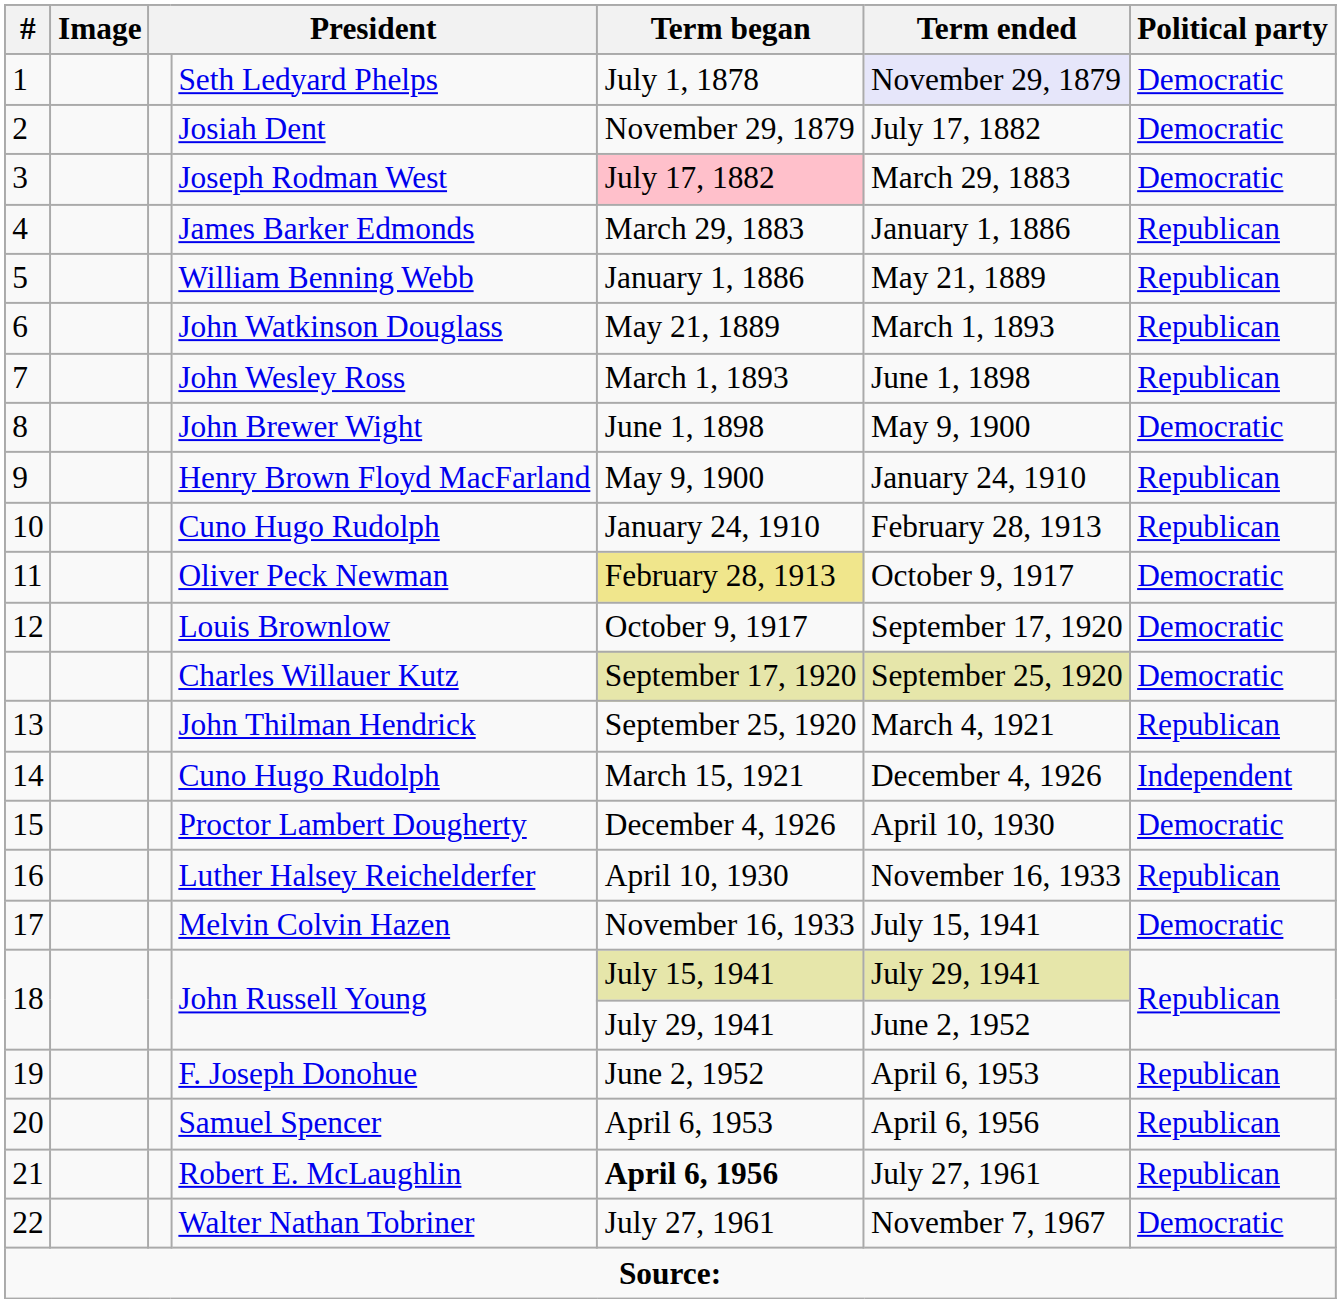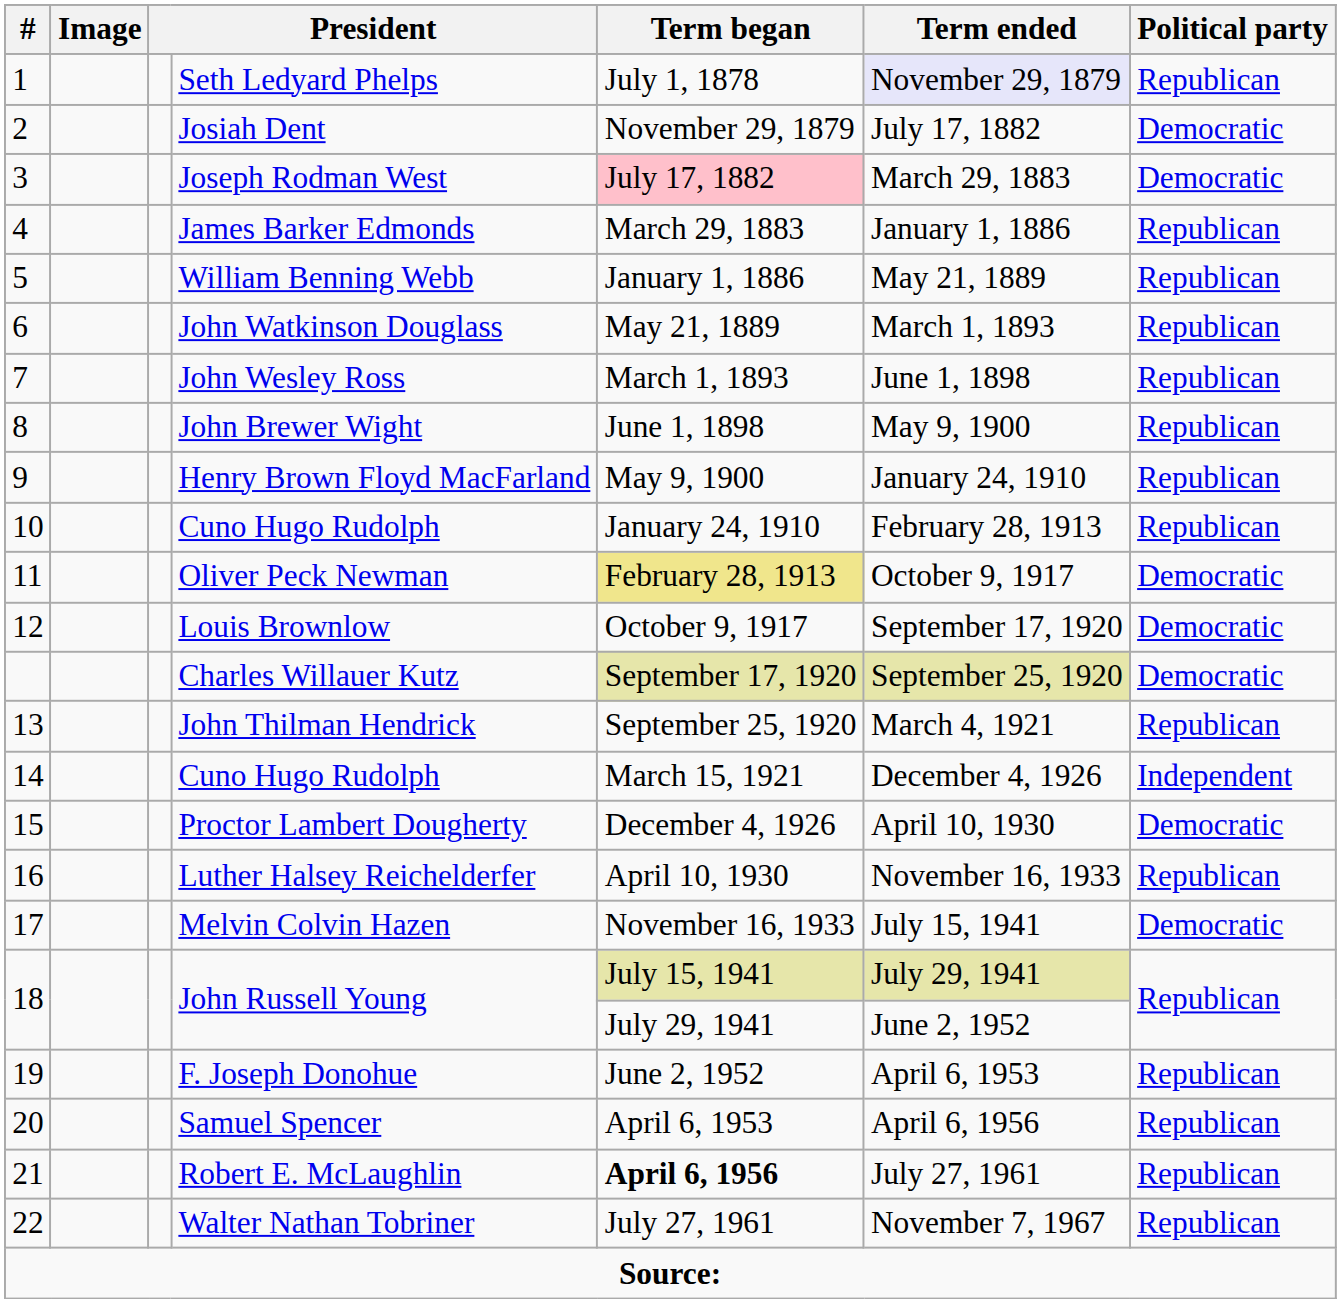 <table class="wikitable">
 <tr>
 <th>#</th>
 <th>Image</th>
 <th colspan="2">President</th>
 <th>Term began</th>
 <th>Term ended</th>
 <th>Political party</th>
 </tr>
 <tr>
 <td>1</td>
 <td></td>
 <td style="background: "> </td>
 <td><a href='#'>Seth Ledyard Phelps</a></td>
 <td>July 1, 1878</td>
 <td style="background: lavender;">November 29, 1879</td>
-<td><a href='#'>Democratic</a></td>
+<td><a href='#'>Republican</a></td>
 </tr>
 <tr>
 <td>2</td>
 <td></td>
 <td style="background: "> </td>
 <td><a href='#'>Josiah Dent</a></td>
 <td>November 29, 1879</td>
 <td>July 17, 1882</td>
 <td><a href='#'>Democratic</a></td>
 </tr>
 <tr>
 <td>3</td>
 <td></td>
 <td style="background: "> </td>
 <td><a href='#'>Joseph Rodman West</a></td>
 <td style="background: pink;">July 17, 1882</td>
 <td>March 29, 1883</td>
 <td><a href='#'>Democratic</a></td>
 </tr>
 <tr>
 <td>4</td>
 <td></td>
 <td style="background: "> </td>
 <td><a href='#'>James Barker Edmonds</a></td>
 <td>March 29, 1883</td>
 <td>January 1, 1886</td>
 <td><a href='#'>Republican</a></td>
 </tr>
 <tr>
 <td>5</td>
 <td></td>
 <td style="background: "> </td>
 <td><a href='#'>William Benning Webb</a></td>
 <td>January 1, 1886</td>
 <td>May 21, 1889</td>
 <td><a href='#'>Republican</a></td>
 </tr>
 <tr>
 <td>6</td>
 <td></td>
 <td style="background: "> </td>
 <td><a href='#'>John Watkinson Douglass</a></td>
 <td>May 21, 1889</td>
 <td>March 1, 1893</td>
 <td><a href='#'>Republican</a></td>
 </tr>
 <tr>
 <td>7</td>
 <td></td>
 <td style="background: "> </td>
 <td><a href='#'>John Wesley Ross</a></td>
 <td>March 1, 1893</td>
 <td>June 1, 1898</td>
 <td><a href='#'>Republican</a></td>
 </tr>
 <tr>
 <td>8</td>
 <td></td>
 <td style="background: "> </td>
 <td><a href='#'>John Brewer Wight</a></td>
 <td>June 1, 1898</td>
 <td>May 9, 1900</td>
-<td><a href='#'>Democratic</a></td>
+<td><a href='#'>Republican</a></td>
 </tr>
 <tr>
 <td>9</td>
 <td></td>
 <td style="background: "> </td>
 <td><a href='#'>Henry Brown Floyd MacFarland</a></td>
 <td>May 9, 1900</td>
 <td>January 24, 1910</td>
 <td><a href='#'>Republican</a></td>
 </tr>
 <tr>
 <td>10</td>
 <td></td>
 <td style="background: "> </td>
 <td><a href='#'>Cuno Hugo Rudolph</a></td>
 <td>January 24, 1910</td>
 <td>February 28, 1913</td>
 <td><a href='#'>Republican</a></td>
 </tr>
 <tr>
 <td>11</td>
 <td></td>
 <td style="background: "> </td>
 <td><a href='#'>Oliver Peck Newman</a></td>
 <td style="background: khaki;">February 28, 1913</td>
 <td>October 9, 1917</td>
 <td><a href='#'>Democratic</a></td>
 </tr>
 <tr>
 <td>12</td>
 <td></td>
 <td style="background: "> </td>
 <td><a href='#'>Louis Brownlow</a></td>
 <td>October 9, 1917</td>
 <td>September 17, 1920</td>
 <td><a href='#'>Democratic</a></td>
 </tr>
 <tr>
 <td></td>
 <td></td>
 <td style="background: "> </td>
 <td><a href='#'>Charles Willauer Kutz</a></td>
 <td style="background: #E6E6AA;">September 17, 1920</td>
 <td style="background: #E6E6AA;">September 25, 1920</td>
 <td><a href='#'>Democratic</a></td>
 </tr>
 <tr>
 <td>13</td>
 <td></td>
 <td style="background: "> </td>
 <td><a href='#'>John Thilman Hendrick</a></td>
 <td>September 25, 1920</td>
 <td>March 4, 1921</td>
 <td><a href='#'>Republican</a></td>
 </tr>
 <tr>
 <td>14</td>
 <td></td>
 <td style="background: "> </td>
 <td><a href='#'>Cuno Hugo Rudolph</a></td>
 <td>March 15, 1921</td>
 <td>December 4, 1926</td>
 <td><a href='#'>Independent</a></td>
 </tr>
 <tr>
 <td>15</td>
 <td></td>
 <td style="background: "> </td>
 <td><a href='#'>Proctor Lambert Dougherty</a></td>
 <td>December 4, 1926</td>
 <td>April 10, 1930</td>
 <td><a href='#'>Democratic</a></td>
 </tr>
 <tr>
 <td>16</td>
 <td></td>
 <td style="background: "> </td>
 <td><a href='#'>Luther Halsey Reichelderfer</a></td>
 <td>April 10, 1930</td>
 <td>November 16, 1933</td>
 <td><a href='#'>Republican</a></td>
 </tr>
 <tr>
 <td>17</td>
 <td></td>
 <td style="background: "> </td>
 <td><a href='#'>Melvin Colvin Hazen</a></td>
 <td>November 16, 1933</td>
 <td>July 15, 1941</td>
 <td><a href='#'>Democratic</a></td>
 </tr>
 <tr>
 <td rowspan=2>18</td>
 <td rowspan=2></td>
 <td rowspan=2 style="background: "></td>
 <td rowspan=2><a href='#'>John Russell Young</a></td>
 <td style="background: #E6E6AA;">July 15, 1941</td>
 <td style="background: #E6E6AA;">July 29, 1941</td>
 <td rowspan=2><a href='#'>Republican</a></td>
 </tr>
 <tr>
 <td>July 29, 1941</td>
 <td>June 2, 1952</td>
 </tr>
 <tr>
 <td>19</td>
 <td></td>
 <td style="background: "> </td>
 <td><a href='#'>F. Joseph Donohue</a></td>
 <td>June 2, 1952</td>
 <td>April 6, 1953</td>
 <td><a href='#'>Republican</a></td>
 </tr>
 <tr>
 <td>20</td>
 <td></td>
 <td style="background: "> </td>
 <td><a href='#'>Samuel Spencer</a></td>
 <td>April 6, 1953</td>
 <td>April 6, 1956</td>
 <td><a href='#'>Republican</a></td>
 </tr>
 <tr>
 <td>21</td>
 <td></td>
 <td style="background: "> </td>
 <td><a href='#'>Robert E. McLaughlin</a></td>
 <td><strong>April 6, 1956</strong></td>
 <td>July 27, 1961</td>
 <td><a href='#'>Republican</a></td>
 </tr>
 <tr>
 <td>22</td>
 <td></td>
 <td style="background: "> </td>
 <td><a href='#'>Walter Nathan Tobriner</a></td>
 <td>July 27, 1961</td>
 <td>November 7, 1967</td>
-<td><a href='#'>Democratic</a></td>
+<td><a href='#'>Republican</a></td>
 </tr>
 <tr>
 <td colspan="7" style="text-align: center;"><strong>Source:</strong></td>
 </tr>
 </table>
